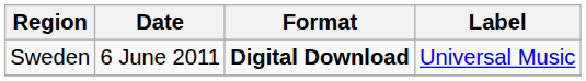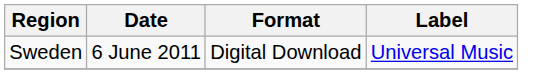 <table class=wikitable>
 <tr>
 <th>Region</th>
 <th>Date</th>
 <th>Format</th>
 <th>Label</th>
 </tr>
 <tr>
 <td>Sweden</td>
 <td>6 June 2011</td>
-<td><strong>Digital Download</strong></td>
+<td>Digital Download</td>
 <td><a href='#'>Universal Music</a></td>
 </tr>
 <tr>
 </tr>
 </table>
